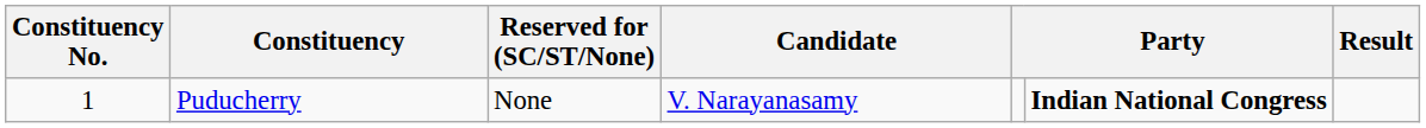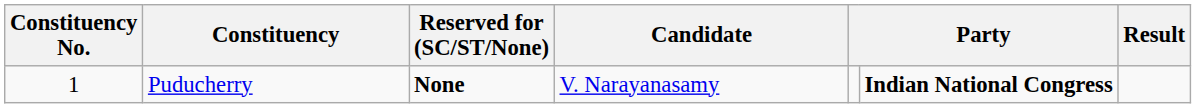 <table class= "wikitable sortable">
 <tr>
 <th>Constituency <br> No.</th>
 <th style="width:180px;">Constituency</th>
 <th>Reserved for<br>(SC/ST/None)</th>
 <th style="width:200px;">Candidate</th>
 <th colspan="2">Party</th>
 <th>Result</th>
 </tr>
 <tr>
 <td align="center">1</td>
 <td><a href='#'>Puducherry</a></td>
-<td>None</td>
+<td><strong>None</strong></td>
 <td><a href='#'>V. Narayanasamy</a></td>
 <td bgcolor=></td>
 <td><strong>Indian National Congress</strong></td>
 <td></td>
 </tr>
 </table>
